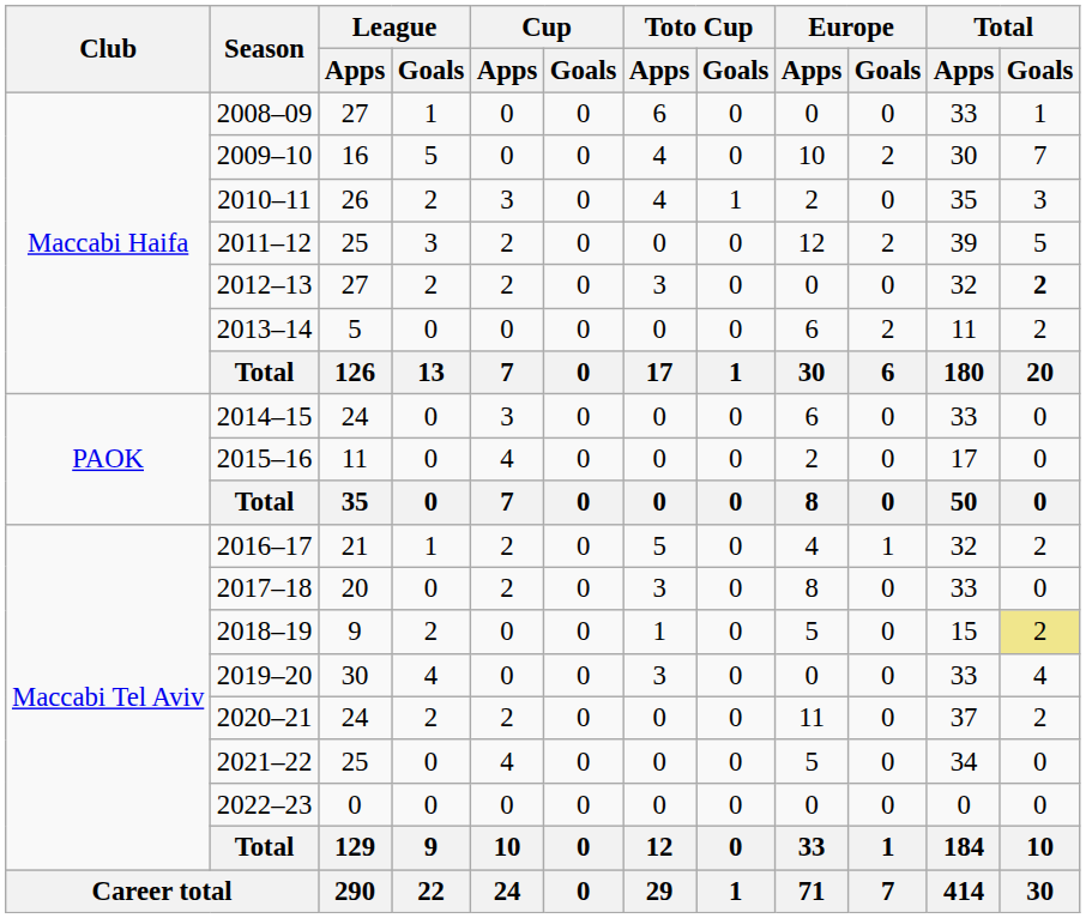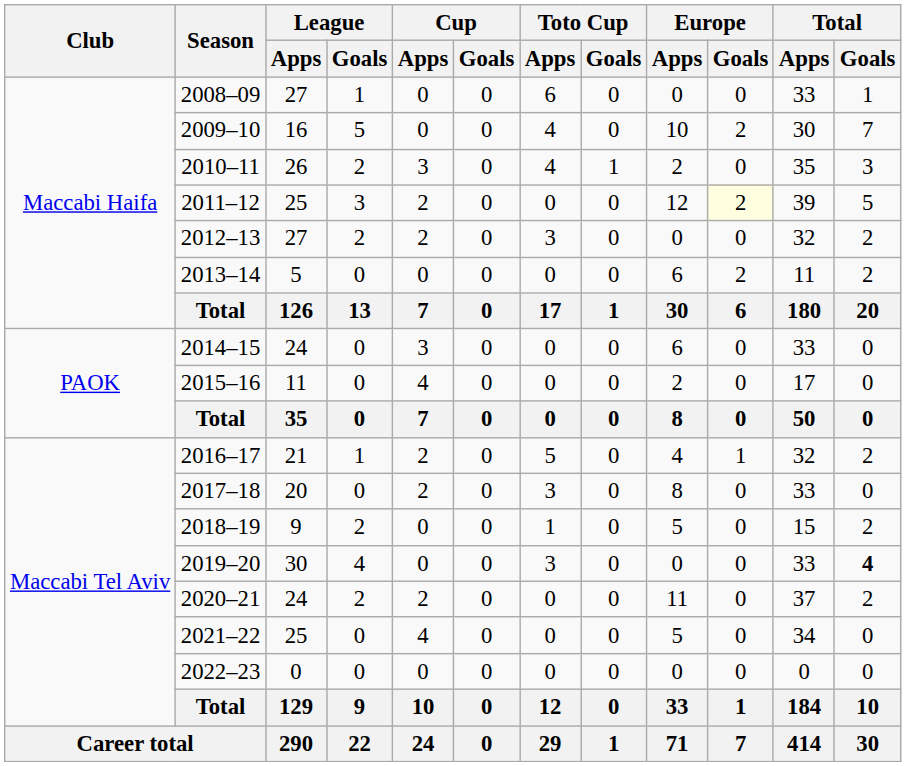 <table class="wikitable" style="text-align: center;">
 <tr>
 <th rowspan=2>Club</th>
 <th rowspan=2>Season</th>
 <th colspan=2>League</th>
 <th colspan=2>Cup</th>
 <th colspan=2>Toto Cup</th>
 <th colspan=2>Europe</th>
 <th colspan=2>Total</th>
 </tr>
 <tr>
 <th>Apps</th>
 <th>Goals</th>
 <th>Apps</th>
 <th>Goals</th>
 <th>Apps</th>
 <th>Goals</th>
 <th>Apps</th>
 <th>Goals</th>
 <th>Apps</th>
 <th>Goals</th>
 </tr>
 <tr>
 <td rowspan="7"><a href='#'>Maccabi Haifa</a></td>
 <td>2008–09</td>
 <td>27</td>
 <td>1</td>
 <td>0</td>
 <td>0</td>
 <td>6</td>
 <td>0</td>
 <td>0</td>
 <td>0</td>
 <td>33</td>
 <td>1</td>
 </tr>
 <tr>
 <td>2009–10</td>
 <td>16</td>
 <td>5</td>
 <td>0</td>
 <td>0</td>
 <td>4</td>
 <td>0</td>
 <td>10</td>
 <td>2</td>
 <td>30</td>
 <td>7</td>
 </tr>
 <tr>
 <td>2010–11</td>
 <td>26</td>
 <td>2</td>
 <td>3</td>
 <td>0</td>
 <td>4</td>
 <td>1</td>
 <td>2</td>
 <td>0</td>
 <td>35</td>
 <td>3</td>
 </tr>
 <tr>
 <td>2011–12</td>
 <td>25</td>
 <td>3</td>
 <td>2</td>
 <td>0</td>
 <td>0</td>
 <td>0</td>
 <td>12</td>
-<td>2</td>
+<td style="background: lightyellow;">2</td>
 <td>39</td>
 <td>5</td>
 </tr>
 <tr>
 <td>2012–13</td>
 <td>27</td>
 <td>2</td>
 <td>2</td>
 <td>0</td>
 <td>3</td>
 <td>0</td>
 <td>0</td>
 <td>0</td>
 <td>32</td>
-<td><strong>2</strong></td>
+<td>2</td>
 </tr>
 <tr>
 <td>2013–14</td>
 <td>5</td>
 <td>0</td>
 <td>0</td>
 <td>0</td>
 <td>0</td>
 <td>0</td>
 <td>6</td>
 <td>2</td>
 <td>11</td>
 <td>2</td>
 </tr>
 <tr>
 <th colspan=1>Total</th>
 <th>126</th>
 <th>13</th>
 <th>7</th>
 <th>0</th>
 <th>17</th>
 <th>1</th>
 <th>30</th>
 <th>6</th>
 <th>180</th>
 <th>20</th>
 </tr>
 <tr>
 <td rowspan="3"><a href='#'>PAOK</a></td>
 <td>2014–15</td>
 <td>24</td>
 <td>0</td>
 <td>3</td>
 <td>0</td>
 <td>0</td>
 <td>0</td>
 <td>6</td>
 <td>0</td>
 <td>33</td>
 <td>0</td>
 </tr>
 <tr>
 <td>2015–16</td>
 <td>11</td>
 <td>0</td>
 <td>4</td>
 <td>0</td>
 <td>0</td>
 <td>0</td>
 <td>2</td>
 <td>0</td>
 <td>17</td>
 <td>0</td>
 </tr>
 <tr>
 <th colspan=1>Total</th>
 <th>35</th>
 <th>0</th>
 <th>7</th>
 <th>0</th>
 <th>0</th>
 <th>0</th>
 <th>8</th>
 <th>0</th>
 <th>50</th>
 <th>0</th>
 </tr>
 <tr>
 <td rowspan="8"><a href='#'>Maccabi Tel Aviv</a></td>
 <td>2016–17</td>
 <td>21</td>
 <td>1</td>
 <td>2</td>
 <td>0</td>
 <td>5</td>
 <td>0</td>
 <td>4</td>
 <td>1</td>
 <td>32</td>
 <td>2</td>
 </tr>
 <tr>
 <td>2017–18</td>
 <td>20</td>
 <td>0</td>
 <td>2</td>
 <td>0</td>
 <td>3</td>
 <td>0</td>
 <td>8</td>
 <td>0</td>
 <td>33</td>
 <td>0</td>
 </tr>
 <tr>
 <td>2018–19</td>
 <td>9</td>
 <td>2</td>
 <td>0</td>
 <td>0</td>
 <td>1</td>
 <td>0</td>
 <td>5</td>
 <td>0</td>
 <td>15</td>
-<td style="background: khaki;">2</td>
+<td>2</td>
 </tr>
 <tr>
 <td>2019–20</td>
 <td>30</td>
 <td>4</td>
 <td>0</td>
 <td>0</td>
 <td>3</td>
 <td>0</td>
 <td>0</td>
 <td>0</td>
 <td>33</td>
-<td>4</td>
+<td><strong>4</strong></td>
 </tr>
 <tr>
 <td>2020–21</td>
 <td>24</td>
 <td>2</td>
 <td>2</td>
 <td>0</td>
 <td>0</td>
 <td>0</td>
 <td>11</td>
 <td>0</td>
 <td>37</td>
 <td>2</td>
 </tr>
 <tr>
 <td>2021–22</td>
 <td>25</td>
 <td>0</td>
 <td>4</td>
 <td>0</td>
 <td>0</td>
 <td>0</td>
 <td>5</td>
 <td>0</td>
 <td>34</td>
 <td>0</td>
 </tr>
 <tr>
 <td>2022–23</td>
 <td>0</td>
 <td>0</td>
 <td>0</td>
 <td>0</td>
 <td>0</td>
 <td>0</td>
 <td>0</td>
 <td>0</td>
 <td>0</td>
 <td>0</td>
 </tr>
 <tr>
 <th colspan="1">Total</th>
 <th>129</th>
 <th>9</th>
 <th>10</th>
 <th>0</th>
 <th>12</th>
 <th>0</th>
 <th>33</th>
 <th>1</th>
 <th>184</th>
 <th>10</th>
 </tr>
 <tr>
 <th colspan="2">Career total</th>
 <th>290</th>
 <th>22</th>
 <th>24</th>
 <th>0</th>
 <th>29</th>
 <th>1</th>
 <th>71</th>
 <th>7</th>
 <th>414</th>
 <th>30</th>
 </tr>
 </table>
